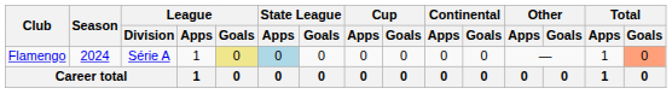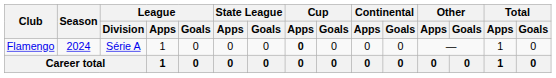 <table class="wikitable" style="text-align: center">
 <tr>
 <th rowspan="2">Club</th>
 <th rowspan="2">Season</th>
 <th colspan="3">League</th>
 <th colspan="2">State League</th>
 <th colspan="2">Cup</th>
 <th colspan="2">Continental</th>
 <th colspan="2">Other</th>
 <th colspan="2">Total</th>
 </tr>
 <tr>
 <th>Division</th>
 <th>Apps</th>
 <th>Goals</th>
 <th>Apps</th>
 <th>Goals</th>
 <th>Apps</th>
 <th>Goals</th>
 <th>Apps</th>
 <th>Goals</th>
 <th>Apps</th>
 <th>Goals</th>
 <th>Apps</th>
 <th>Goals</th>
 </tr>
 <tr>
 <td><a href='#'>Flamengo</a></td>
 <td><a href='#'>2024</a></td>
 <td><a href='#'>Série A</a></td>
 <td>1</td>
-<td style="background: khaki;">0</td>
-<td style="background: lightblue;">0</td>
 <td>0</td>
 <td>0</td>
+<td>0</td>
+<td><strong>0</strong></td>
 <td>0</td>
 <td>0</td>
 <td>0</td>
 <td colspan="2">—</td>
 <td>1</td>
-<td style="background: lightsalmon;">0</td>
+<td>0</td>
 </tr>
 <tr>
 <th colspan="3">Career total</th>
 <th>1</th>
 <th>0</th>
 <th>0</th>
 <th>0</th>
 <th>0</th>
 <th>0</th>
 <th>0</th>
 <th>0</th>
 <th>0</th>
 <th>0</th>
 <th>1</th>
 <th>0</th>
 </tr>
 </table>
